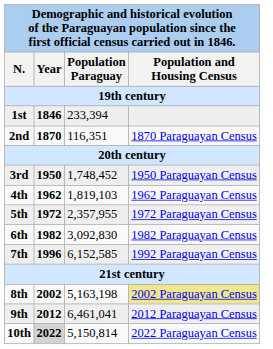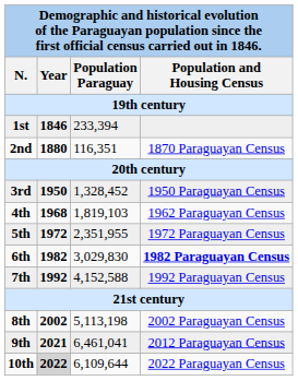 <table class="wikitable">
 <tr>
 <th colspan= "4" style="text-align:center; background:#abcdef;">Demographic and historical evolution <br>of the Paraguayan population since the <br> first official census carried out in 1846.</th>
 </tr>
 <tr>
 <th>N.</th>
 <th>Year</th>
 <th>Population<br>Paraguay</th>
 <th>Population and <br> Housing Census</th>
 </tr>
 <tr align="center">
 <td colspan="4" style="background:#D0E7FF"><strong>19th century</strong></td>
 </tr>
 <tr align="center" style="background:#efefef; color:black">
 <td><strong>1st</strong></td>
 <td><strong>1846</strong></td>
 <td align="left"> 233,394</td>
 <td></td>
 </tr>
 <tr align="center">
 <td><strong>2nd</strong></td>
-<td><strong>1870</strong></td>
+<td><strong>1880</strong></td>
 <td align="left"> 116,351</td>
 <td><a href='#'>1870 Paraguayan Census</a></td>
 </tr>
 <tr align="center">
 <td colspan="4" style="background:#D0E7FF"><strong>20th century</strong></td>
 </tr>
 <tr align="center" style="background:#efefef; color:black">
 <td><strong>3rd</strong></td>
 <td><strong>1950</strong></td>
-<td align="left"> 1,748,452</td>
+<td align="left"> 1,328,452</td>
 <td><a href='#'>1950 Paraguayan Census</a></td>
 </tr>
 <tr align="center">
 <td><strong>4th</strong></td>
-<td><strong>1962</strong></td>
+<td><strong>1968</strong></td>
 <td align="left"> 1,819,103</td>
 <td><a href='#'>1962 Paraguayan Census</a></td>
 </tr>
 <tr align="center" style="background:#efefef; color:black">
 <td><strong>5th</strong></td>
 <td><strong>1972</strong></td>
-<td align="left"> 2,357,955</td>
+<td align="left"> 2,351,955</td>
 <td><a href='#'>1972 Paraguayan Census</a></td>
 </tr>
 <tr align="center">
 <td><strong>6th</strong></td>
 <td><strong>1982</strong></td>
-<td align="left"> 3,092,830</td>
-<td><a href='#'>1982 Paraguayan Census</a></td>
+<td align="left"> 3,029,830</td>
+<td><strong><a href='#'>1982 Paraguayan Census</a></strong></td>
 </tr>
 <tr align="center" style="background:#efefef; color:black">
 <td><strong>7th</strong></td>
-<td><strong>1996</strong></td>
-<td align="left"> 6,152,585</td>
+<td><strong>1992</strong></td>
+<td align="left"> 4,152,588</td>
 <td><a href='#'>1992 Paraguayan Census</a></td>
 </tr>
 <tr align="center">
 <td colspan="4" style="background:#D0E7FF"><strong>21st century</strong></td>
 </tr>
 <tr align="center">
 <td><strong>8th</strong></td>
 <td><strong>2002</strong></td>
-<td align="left"> 5,163,198</td>
-<td style="background: khaki;"><a href='#'>2002 Paraguayan Census</a></td>
+<td align="left"> 5,113,198</td>
+<td><a href='#'>2002 Paraguayan Census</a></td>
 </tr>
 <tr align="center" style="background:#efefef; color:black">
 <td><strong>9th</strong></td>
-<td><strong>2012</strong></td>
+<td><strong>2021</strong></td>
 <td align="left"> 6,461,041</td>
 <td><a href='#'>2012 Paraguayan Census</a></td>
 </tr>
 <tr align="center">
 <td><strong>10th</strong></td>
 <td style="background: lightgrey;"><strong>2022</strong></td>
-<td align="left"> 5,150,814</td>
+<td align="left"> 6,109,644</td>
 <td><a href='#'>2022 Paraguayan Census</a></td>
 </tr>
 </table>
